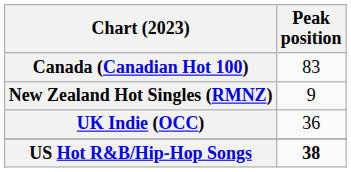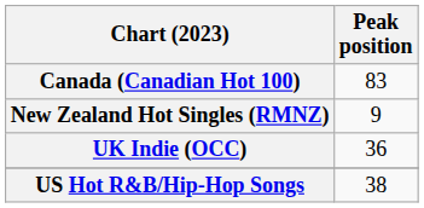 <table class="wikitable sortable plainrowheaders" style="text-align:center">
 <tr>
 <th scope="col">Chart (2023)</th>
 <th scope="col">Peak<br>position</th>
 </tr>
 <tr>
 <th scope="row">Canada (<a href='#'>Canadian Hot 100</a>)</th>
 <td>83</td>
 </tr>
 <tr>
 <th scope="row">New Zealand Hot Singles (<a href='#'>RMNZ</a>)</th>
 <td>9</td>
 </tr>
 <tr>
 <th scope="row"><a href='#'>UK Indie</a> (<a href='#'>OCC</a>)</th>
 <td>36</td>
 </tr>
 <tr>
 </tr>
 <tr>
 <th scope="row">US <a href='#'>Hot R&B/Hip-Hop Songs</a></th>
-<td><strong>38</strong></td>
+<td>38</td>
 </tr>
 </table>
